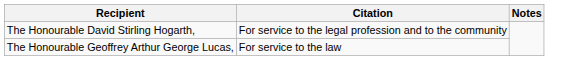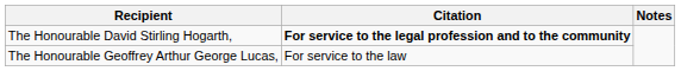 <table class="wikitable" style="font-size:95%;">
 <tr>
 <th>Recipient</th>
 <th>Citation</th>
 <th>Notes</th>
 </tr>
 <tr>
 <td>The Honourable David Stirling Hogarth, </td>
-<td>For service to the legal profession and to the community</td>
+<td><strong>For service to the legal profession and to the community</strong></td>
 <td rowspan="2"></td>
 </tr>
 <tr>
 <td>The Honourable Geoffrey Arthur George Lucas, </td>
 <td>For service to the law</td>
 </tr>
 </table>
